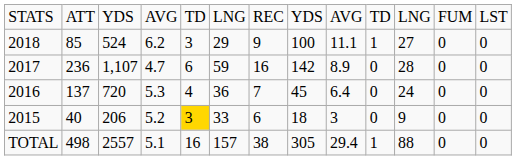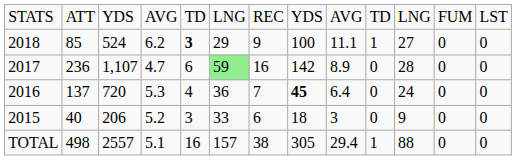 <table class="wikitable">
 <tr>
 <td>STATS</td>
 <td>ATT</td>
 <td>YDS</td>
 <td>AVG</td>
 <td>TD</td>
 <td>LNG</td>
 <td>REC</td>
 <td>YDS</td>
 <td>AVG</td>
 <td>TD</td>
 <td>LNG</td>
 <td>FUM</td>
 <td>LST</td>
 </tr>
 <tr>
 <td>2018</td>
 <td>85</td>
 <td>524</td>
 <td>6.2</td>
-<td>3</td>
+<td><strong>3</strong></td>
 <td>29</td>
 <td>9</td>
 <td>100</td>
 <td>11.1</td>
 <td>1</td>
 <td>27</td>
 <td>0</td>
 <td>0</td>
 </tr>
 <tr>
 <td>2017</td>
 <td>236</td>
 <td>1,107</td>
 <td>4.7</td>
 <td>6</td>
-<td>59</td>
+<td style="background: lightgreen;">59</td>
 <td>16</td>
 <td>142</td>
 <td>8.9</td>
 <td>0</td>
 <td>28</td>
 <td>0</td>
 <td>0</td>
 </tr>
 <tr>
 <td>2016</td>
 <td>137</td>
 <td>720</td>
 <td>5.3</td>
 <td>4</td>
 <td>36</td>
 <td>7</td>
-<td>45</td>
+<td><strong>45</strong></td>
 <td>6.4</td>
 <td>0</td>
 <td>24</td>
 <td>0</td>
 <td>0</td>
 </tr>
 <tr>
 <td>2015</td>
 <td>40</td>
 <td>206</td>
 <td>5.2</td>
-<td style="background: gold;">3</td>
+<td>3</td>
 <td>33</td>
 <td>6</td>
 <td>18</td>
 <td>3</td>
 <td>0</td>
 <td>9</td>
 <td>0</td>
 <td>0</td>
 </tr>
 <tr>
 <td>TOTAL</td>
 <td>498</td>
 <td>2557</td>
 <td>5.1</td>
 <td>16</td>
 <td>157</td>
 <td>38</td>
 <td>305</td>
 <td>29.4</td>
 <td>1</td>
 <td>88</td>
 <td>0</td>
 <td>0</td>
 </tr>
 </table>
